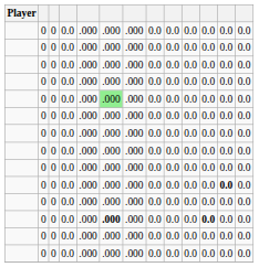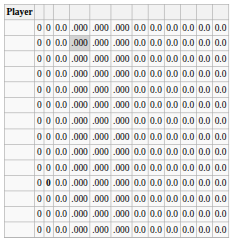 <table class="wikitable sortable" style="font-size:95%; text-align:right;">
 <tr>
 <th>Player</th>
 <th></th>
 <th></th>
 <th></th>
 <th></th>
 <th></th>
 <th></th>
 <th></th>
 <th></th>
 <th></th>
 <th></th>
 <th></th>
 <th></th>
 </tr>
 <tr>
 <td><strong></strong></td>
 <td>0</td>
 <td>0</td>
 <td>0.0</td>
 <td>.000</td>
 <td>.000</td>
 <td>.000</td>
 <td>0.0</td>
 <td>0.0</td>
 <td>0.0</td>
 <td>0.0</td>
 <td>0.0</td>
 <td>0.0</td>
 </tr>
 <tr>
 <td><strong></strong></td>
 <td>0</td>
 <td>0</td>
 <td>0.0</td>
+<td style="background: lightgrey;">.000</td>
 <td>.000</td>
-<td>.000</td>
-<td>.000</td>
-<td>0.0</td>
-<td>0.0</td>
-<td>0.0</td>
-<td>0.0</td>
-<td>0.0</td>
-<td>0.0</td>
-</tr>
-<tr>
-<td><strong></strong></td>
-<td>0</td>
-<td>0</td>
-<td>0.0</td>
-<td>.000</td>
-<td>.000</td>
-<td>.000</td>
-<td>0.0</td>
-<td>0.0</td>
-<td>0.0</td>
-<td>0.0</td>
-<td>0.0</td>
-<td>0.0</td>
-</tr>
-<tr>
-<td><strong></strong></td>
-<td>0</td>
-<td>0</td>
-<td>0.0</td>
-<td>.000</td>
-<td>.000</td>
-<td>.000</td>
-<td>0.0</td>
-<td>0.0</td>
-<td>0.0</td>
-<td>0.0</td>
-<td>0.0</td>
-<td>0.0</td>
-</tr>
-<tr>
-<td><strong></strong></td>
-<td>0</td>
-<td>0</td>
-<td>0.0</td>
-<td>.000</td>
-<td style="background: lightgreen;">.000</td>
 <td>.000</td>
 <td>0.0</td>
 <td>0.0</td>
 <td>0.0</td>
 <td>0.0</td>
 <td>0.0</td>
 <td>0.0</td>
 </tr>
 <tr>
 <td><strong></strong></td>
 <td>0</td>
 <td>0</td>
 <td>0.0</td>
 <td>.000</td>
 <td>.000</td>
 <td>.000</td>
 <td>0.0</td>
 <td>0.0</td>
 <td>0.0</td>
 <td>0.0</td>
 <td>0.0</td>
 <td>0.0</td>
 </tr>
 <tr>
 <td><strong></strong></td>
 <td>0</td>
 <td>0</td>
 <td>0.0</td>
 <td>.000</td>
 <td>.000</td>
 <td>.000</td>
 <td>0.0</td>
 <td>0.0</td>
 <td>0.0</td>
 <td>0.0</td>
 <td>0.0</td>
 <td>0.0</td>
 </tr>
 <tr>
 <td><strong></strong></td>
 <td>0</td>
 <td>0</td>
 <td>0.0</td>
 <td>.000</td>
 <td>.000</td>
 <td>.000</td>
 <td>0.0</td>
 <td>0.0</td>
 <td>0.0</td>
 <td>0.0</td>
 <td>0.0</td>
 <td>0.0</td>
 </tr>
 <tr>
 <td><strong></strong></td>
 <td>0</td>
 <td>0</td>
 <td>0.0</td>
 <td>.000</td>
 <td>.000</td>
 <td>.000</td>
 <td>0.0</td>
 <td>0.0</td>
 <td>0.0</td>
 <td>0.0</td>
 <td>0.0</td>
 <td>0.0</td>
 </tr>
 <tr>
 <td><strong></strong></td>
 <td>0</td>
 <td>0</td>
 <td>0.0</td>
 <td>.000</td>
 <td>.000</td>
 <td>.000</td>
 <td>0.0</td>
 <td>0.0</td>
 <td>0.0</td>
 <td>0.0</td>
-<td><strong>0.0</strong></td>
+<td>0.0</td>
 <td>0.0</td>
 </tr>
 <tr>
 <td><strong></strong></td>
 <td>0</td>
 <td>0</td>
 <td>0.0</td>
 <td>.000</td>
 <td>.000</td>
 <td>.000</td>
 <td>0.0</td>
 <td>0.0</td>
 <td>0.0</td>
 <td>0.0</td>
 <td>0.0</td>
 <td>0.0</td>
 </tr>
 <tr>
 <td><strong></strong></td>
 <td>0</td>
 <td>0</td>
 <td>0.0</td>
 <td>.000</td>
-<td><strong>.000</strong></td>
+<td>.000</td>
 <td>.000</td>
 <td>0.0</td>
 <td>0.0</td>
 <td>0.0</td>
-<td><strong>0.0</strong></td>
+<td>0.0</td>
+<td>0.0</td>
+<td>0.0</td>
+</tr>
+<tr>
+<td><strong></strong></td>
+<td>0</td>
+<td>0</td>
+<td>0.0</td>
+<td>.000</td>
+<td>.000</td>
+<td>.000</td>
+<td>0.0</td>
+<td>0.0</td>
+<td>0.0</td>
+<td>0.0</td>
+<td>0.0</td>
+<td>0.0</td>
+</tr>
+<tr>
+<td><strong></strong></td>
+<td>0</td>
+<td><strong>0</strong></td>
+<td>0.0</td>
+<td>.000</td>
+<td>.000</td>
+<td>.000</td>
+<td>0.0</td>
+<td>0.0</td>
+<td>0.0</td>
+<td>0.0</td>
+<td>0.0</td>
+<td>0.0</td>
+</tr>
+<tr>
+<td><strong></strong></td>
+<td>0</td>
+<td>0</td>
+<td>0.0</td>
+<td>.000</td>
+<td>.000</td>
+<td>.000</td>
+<td>0.0</td>
+<td>0.0</td>
+<td>0.0</td>
+<td>0.0</td>
 <td>0.0</td>
 <td>0.0</td>
 </tr>
 <tr>
 <td><strong></strong></td>
 <td>0</td>
 <td>0</td>
 <td>0.0</td>
 <td>.000</td>
 <td>.000</td>
 <td>.000</td>
 <td>0.0</td>
 <td>0.0</td>
 <td>0.0</td>
 <td>0.0</td>
 <td>0.0</td>
 <td>0.0</td>
 </tr>
 <tr>
 <td><strong></strong></td>
 <td>0</td>
 <td>0</td>
 <td>0.0</td>
 <td>.000</td>
 <td>.000</td>
 <td>.000</td>
 <td>0.0</td>
 <td>0.0</td>
 <td>0.0</td>
 <td>0.0</td>
 <td>0.0</td>
 <td>0.0</td>
 </tr>
 <tr>
 </tr>
 </table>
